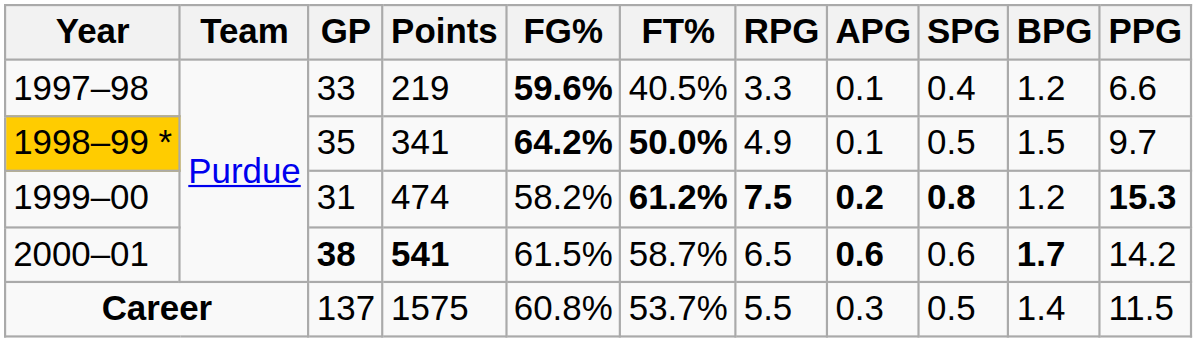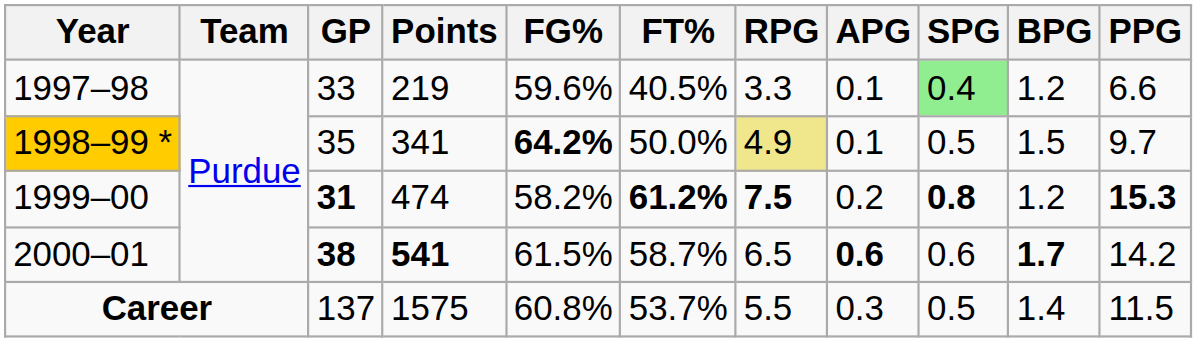 <table class="wikitable sortable">
 <tr>
 <th>Year</th>
 <th>Team</th>
 <th>GP</th>
 <th>Points</th>
 <th>FG%</th>
 <th>FT%</th>
 <th>RPG</th>
 <th>APG</th>
 <th>SPG</th>
 <th>BPG</th>
 <th>PPG</th>
 </tr>
 <tr>
 <td>1997–98</td>
 <td rowspan=4><a href='#'>Purdue</a></td>
 <td>33</td>
 <td>219</td>
-<td><strong>59.6%</strong></td>
+<td>59.6%</td>
 <td>40.5%</td>
 <td>3.3</td>
 <td>0.1</td>
-<td>0.4</td>
+<td style="background: lightgreen;">0.4</td>
 <td>1.2</td>
 <td>6.6</td>
 </tr>
 <tr>
 <td bgcolor=#ffcc00>1998–99 *</td>
 <td>35</td>
 <td>341</td>
 <td><strong>64.2%</strong></td>
-<td><strong>50.0%</strong></td>
-<td>4.9</td>
+<td>50.0%</td>
+<td style="background: khaki;">4.9</td>
 <td>0.1</td>
 <td>0.5</td>
 <td>1.5</td>
 <td>9.7</td>
 </tr>
 <tr>
 <td>1999–00</td>
-<td>31</td>
+<td><strong>31</strong></td>
 <td>474</td>
 <td>58.2%</td>
 <td><strong>61.2%</strong></td>
 <td><strong>7.5</strong></td>
-<td><strong>0.2</strong></td>
+<td>0.2</td>
 <td><strong>0.8</strong></td>
 <td>1.2</td>
 <td><strong>15.3</strong></td>
 </tr>
 <tr>
 <td>2000–01</td>
 <td><strong>38</strong></td>
 <td><strong>541</strong></td>
 <td>61.5%</td>
 <td>58.7%</td>
 <td>6.5</td>
 <td><strong>0.6</strong></td>
 <td>0.6</td>
 <td><strong>1.7</strong></td>
 <td>14.2</td>
 </tr>
 <tr class="sortbottom">
 <td align=center colspan=2><strong>Career</strong></td>
 <td>137</td>
 <td>1575</td>
 <td>60.8%</td>
 <td>53.7%</td>
 <td>5.5</td>
 <td>0.3</td>
 <td>0.5</td>
 <td>1.4</td>
 <td>11.5</td>
 </tr>
 </table>
